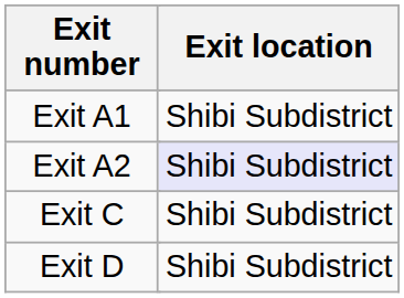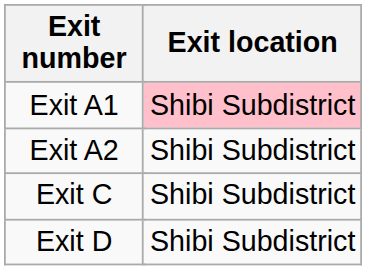 <table class="wikitable">
 <tr>
 <th style="width:70px" colspan="2">Exit number</th>
 <th>Exit location</th>
 </tr>
 <tr>
 <td align="center" colspan="2">Exit A1</td>
-<td>Shibi Subdistrict</td>
+<td style="background: pink;">Shibi Subdistrict</td>
 </tr>
 <tr>
 <td align="center" colspan="2">Exit A2</td>
-<td style="background: lavender;">Shibi Subdistrict</td>
+<td>Shibi Subdistrict</td>
 </tr>
 <tr>
 <td align="center" colspan="2">Exit C</td>
 <td>Shibi Subdistrict</td>
 </tr>
 <tr>
 <td align="center" colspan="2">Exit D</td>
 <td>Shibi Subdistrict</td>
 </tr>
 </table>
